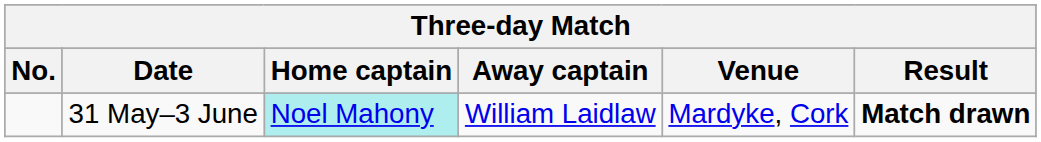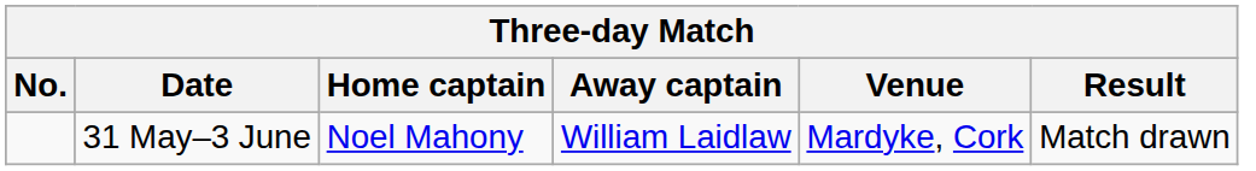 <table class="wikitable">
 <tr>
 <th colspan="9">Three-day Match</th>
 </tr>
 <tr>
 <th>No.</th>
 <th>Date</th>
 <th>Home captain</th>
 <th>Away captain</th>
 <th>Venue</th>
 <th>Result</th>
 </tr>
 <tr>
 <td></td>
 <td>31 May–3 June</td>
-<td style="background: paleturquoise;"><a href='#'>Noel Mahony</a></td>
+<td><a href='#'>Noel Mahony</a></td>
 <td><a href='#'>William Laidlaw</a></td>
 <td><a href='#'>Mardyke</a>, <a href='#'>Cork</a></td>
-<td><strong>Match drawn</strong></td>
+<td>Match drawn</td>
 </tr>
 </table>
